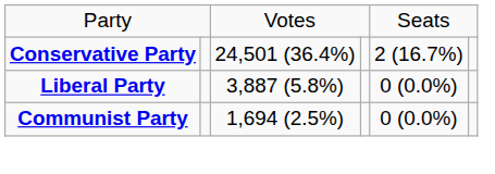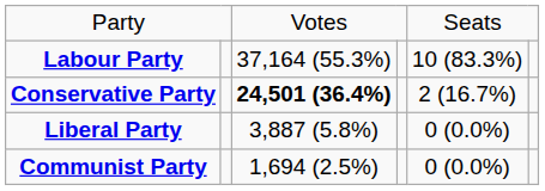 <table class=wikitable style="text-align:center;">
 <tr>
 <td colspan=2>Party</td>
 <td colspan=2>Votes</td>
 <td colspan=2>Seats</td>
 </tr>
 <tr>
+<td><strong><a href='#'>Labour Party</a></strong></td>
+<td style="background:"></td>
+<td>37,164 (55.3%)</td>
+<td></td>
+<td>10 (83.3%)</td>
+<td></td>
+</tr>
+<tr>
 <td><strong><a href='#'>Conservative Party</a></strong></td>
 <td style="background:"></td>
-<td>24,501 (36.4%)</td>
+<td><strong>24,501 (36.4%)</strong></td>
 <td></td>
 <td>2 (16.7%)</td>
 <td></td>
 </tr>
 <tr>
 <td><strong><a href='#'>Liberal Party</a></strong></td>
 <td style="background:"></td>
 <td>3,887 (5.8%)</td>
 <td></td>
 <td>0 (0.0%)</td>
 <td></td>
 </tr>
 <tr>
 <td><strong><a href='#'>Communist Party</a></strong></td>
 <td style="background:"></td>
 <td>1,694 (2.5%)</td>
 <td></td>
 <td>0 (0.0%)</td>
 <td></td>
 </tr>
 </table>
